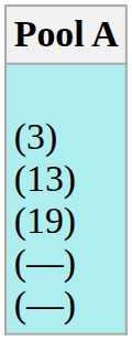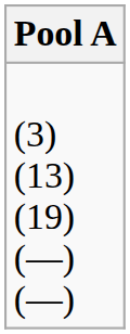 <table class="wikitable">
 <tr>
 <th>Pool A</th>
 </tr>
 <tr>
-<td style="background: paleturquoise;"><br> (3)<br>  (13)<br>  (19)<br>  (—)<br>  (—)</td>
+<td><br> (3)<br>  (13)<br>  (19)<br>  (—)<br>  (—)</td>
 </tr>
 </table>
